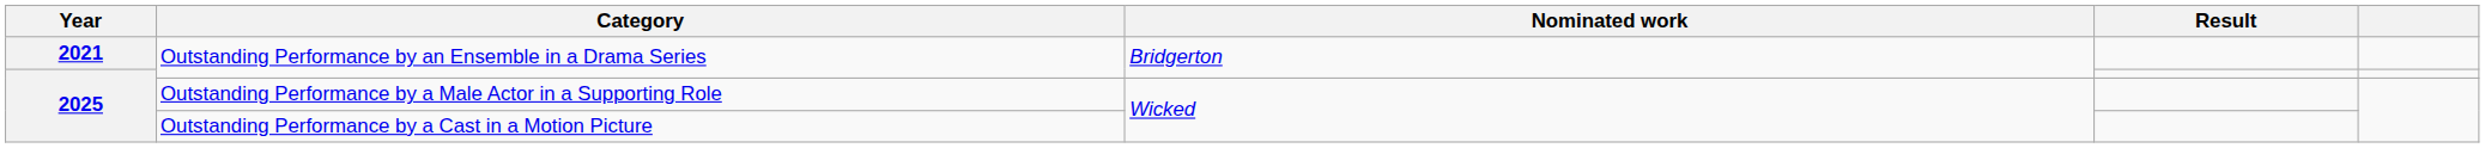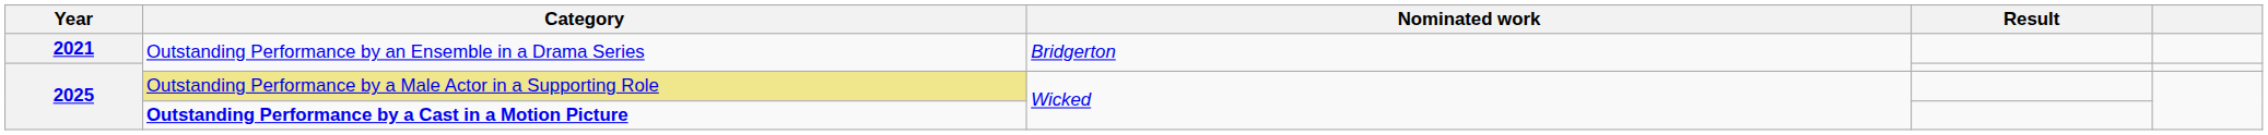 <table class="wikitable sortable">
 <tr>
 <th width=1%>Year</th>
 <th width=8%>Category</th>
 <th width=8%>Nominated work</th>
 <th width=2%>Result</th>
 <th width=1% class="unsortable"></th>
 </tr>
 <tr>
 <th style="text-align:center;"><a href='#'>2021</a></th>
 <td rowspan=2><a href='#'>Outstanding Performance by an Ensemble in a Drama Series</a></td>
 <td rowspan="2"><em><a href='#'>Bridgerton</a></em></td>
 <td></td>
 <td style="text-align:center;"></td>
 </tr>
 <tr>
 <th rowspan="3"><a href='#'>2025</a></th>
 <td></td>
 <td style="text-align:center;"></td>
 </tr>
 <tr>
-<td><a href='#'>Outstanding Performance by a Male Actor in a Supporting Role</a></td>
+<td style="background: khaki;"><a href='#'>Outstanding Performance by a Male Actor in a Supporting Role</a></td>
 <td rowspan="2"><em><a href='#'>Wicked</a></em></td>
 <td></td>
 <td style="text-align:center;" rowspan="2"></td>
 </tr>
 <tr>
-<td><a href='#'>Outstanding Performance by a Cast in a Motion Picture</a></td>
+<td><strong><a href='#'>Outstanding Performance by a Cast in a Motion Picture</a></strong></td>
 <td></td>
 </tr>
 </table>
